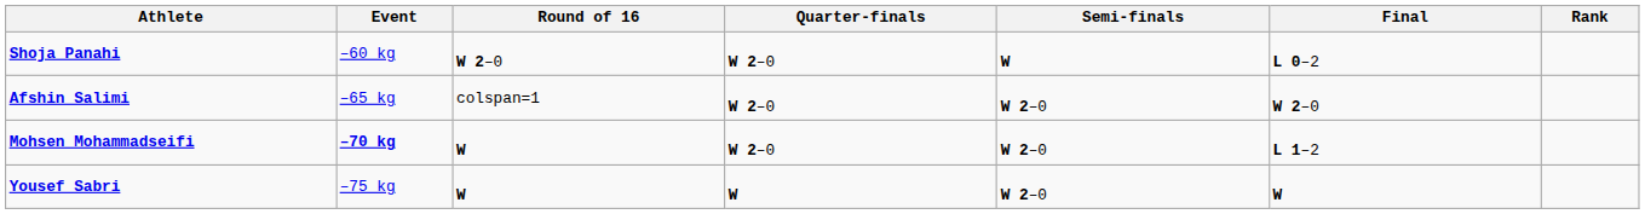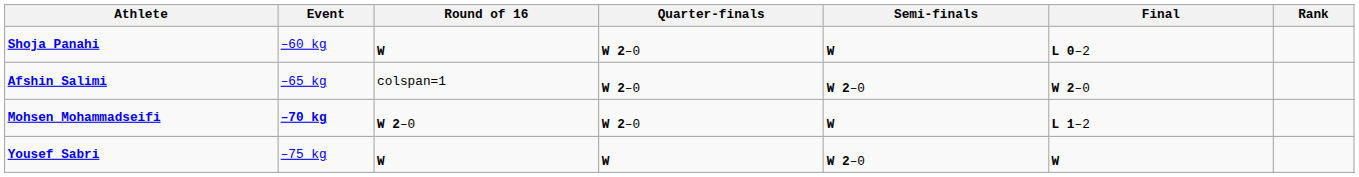 <table class="wikitable" width="98%" style="text-align:left; font-size:90%">
 <tr>
 <th width="17%">Athlete</th>
 <th width="6%">Event</th>
 <th width="14%">Round of 16</th>
 <th width="14%">Quarter-finals</th>
 <th width="14%">Semi-finals</th>
 <th width="14%">Final</th>
 <th width="5%">Rank</th>
 </tr>
 <tr>
 <td><strong><a href='#'>Shoja Panahi</a></strong></td>
 <td><a href='#'>–60 kg</a></td>
-<td><br><strong>W</strong> <strong>2</strong>–0</td>
+<td><br><strong>W</strong> </td>
 <td><br><strong>W</strong> <strong>2</strong>–0</td>
 <td><br><strong>W</strong></td>
 <td><br><strong>L</strong> <strong>0</strong>–2</td>
 <td align=center></td>
 </tr>
 <tr>
 <td><strong><a href='#'>Afshin Salimi</a></strong></td>
 <td><a href='#'>–65 kg</a></td>
 <td>colspan=1 </td>
 <td><br><strong>W</strong> <strong>2</strong>–0</td>
 <td><br><strong>W</strong> <strong>2</strong>–0</td>
 <td><br><strong>W</strong> <strong>2</strong>–0</td>
 <td align=center></td>
 </tr>
 <tr>
 <td><strong><a href='#'>Mohsen Mohammadseifi</a></strong></td>
 <td><strong><a href='#'>–70 kg</a></strong></td>
-<td><br><strong>W</strong> </td>
 <td><br><strong>W</strong> <strong>2</strong>–0</td>
 <td><br><strong>W</strong> <strong>2</strong>–0</td>
+<td><br><strong>W</strong> </td>
 <td><br><strong>L</strong> <strong>1</strong>–2</td>
 <td align=center></td>
 </tr>
 <tr>
 <td><strong><a href='#'>Yousef Sabri</a></strong></td>
 <td><a href='#'>–75 kg</a></td>
 <td><br><strong>W</strong> </td>
 <td><br><strong>W</strong> </td>
 <td><br><strong>W</strong> <strong>2</strong>–0</td>
 <td><br><strong>W</strong> </td>
 <td align=center></td>
 </tr>
 </table>
